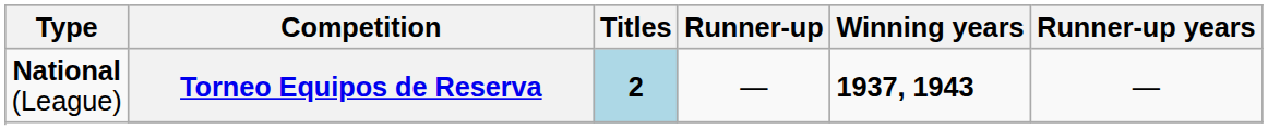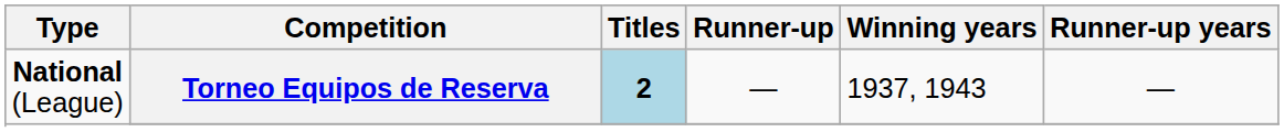 <table class="wikitable plainrowheaders" style="font-size:95%; text-align:center;">
 <tr>
 <th>Type</th>
 <th width=250px>Competition</th>
 <th>Titles</th>
 <th>Runner-up</th>
 <th>Winning years</th>
 <th>Runner-up years</th>
 </tr>
 <tr>
 <td rowspan=2><strong>National</strong><br>(League)</td>
 <th scope=col><a href='#'>Torneo Equipos de Reserva</a></th>
 <td style="background: lightblue;"><strong>2</strong></td>
 <td style="text-align:center;">—</td>
-<td align="left"><strong>1937, 1943</strong></td>
+<td align="left">1937, 1943</td>
 <td style="text-align:center;">—</td>
 </tr>
 <tr>
 </tr>
 </table>
